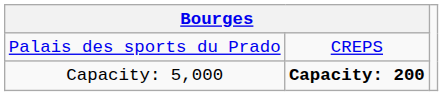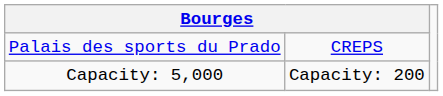 <table class="wikitable" style="text-align:center;">
 <tr>
 <th colspan=2><a href='#'>Bourges</a></th>
 <td rowspan="4"><br></td>
 </tr>
 <tr>
 <td><a href='#'>Palais des sports du Prado</a></td>
 <td><a href='#'>CREPS</a></td>
 </tr>
 <tr>
 <td>Capacity: 5,000</td>
-<td><strong>Capacity: 200</strong></td>
+<td>Capacity: 200</td>
 </tr>
 </table>
